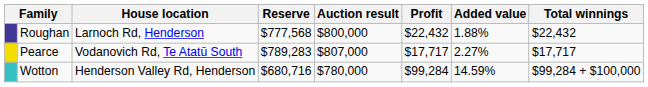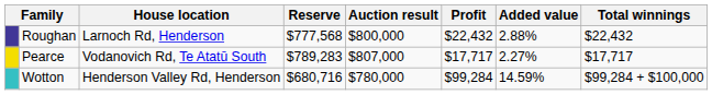 <table class="wikitable">
 <tr valign="top">
 <th colspan="2">Family</th>
 <th>House location</th>
 <th><strong>Reserve</strong></th>
 <th><strong>Auction result</strong></th>
 <th><strong>Profit</strong></th>
 <th><strong>Added value</strong></th>
 <th><strong>Total winnings</strong></th>
 </tr>
 <tr>
 <th style="width:2%;background:#413797; height:10px;"></th>
 <td>Roughan</td>
 <td>Larnoch Rd, <a href='#'>Henderson</a></td>
 <td>$777,568</td>
 <td>$800,000</td>
 <td>$22,432</td>
-<td>1.88%</td>
+<td>2.88%</td>
 <td>$22,432</td>
 </tr>
 <tr>
 <th style="width:2%;background:#f4de00; height:10px;" !></th>
 <td>Pearce</td>
 <td>Vodanovich Rd, <a href='#'>Te Atatū South</a></td>
 <td>$789,283</td>
 <td>$807,000</td>
 <td>$17,717</td>
 <td>2.27%</td>
 <td>$17,717</td>
 </tr>
 <tr>
 <th style="width:2%;background:#35c0c3; height:10px;"></th>
 <td>Wotton</td>
 <td>Henderson Valley Rd, Henderson</td>
 <td>$680,716</td>
 <td>$780,000</td>
 <td>$99,284</td>
 <td>14.59%</td>
 <td>$99,284 + $100,000</td>
 </tr>
 </table>
